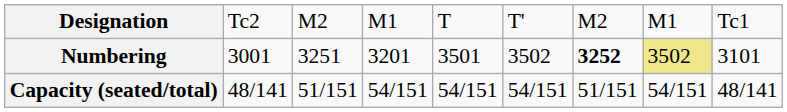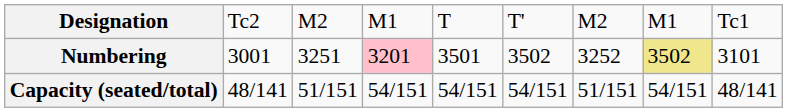 <table class="wikitable">
 <tr>
 <th>Designation</th>
 <td>Tc2</td>
 <td>M2</td>
 <td>M1</td>
 <td>T</td>
 <td>T'</td>
 <td>M2</td>
 <td>M1</td>
 <td>Tc1</td>
 </tr>
 <tr>
 <th>Numbering</th>
 <td>3001</td>
 <td>3251</td>
-<td>3201</td>
+<td style="background: pink;">3201</td>
 <td>3501</td>
 <td>3502</td>
-<td><strong>3252</strong></td>
+<td>3252</td>
 <td style="background: khaki;">3502</td>
 <td>3101</td>
 </tr>
 <tr>
 <th>Capacity (seated/total)</th>
 <td>48/141</td>
 <td>51/151</td>
 <td>54/151</td>
 <td>54/151</td>
 <td>54/151</td>
 <td>51/151</td>
 <td>54/151</td>
 <td>48/141</td>
 </tr>
 </table>
